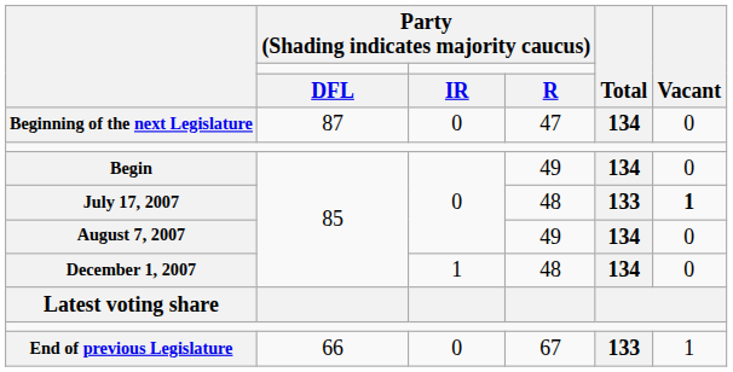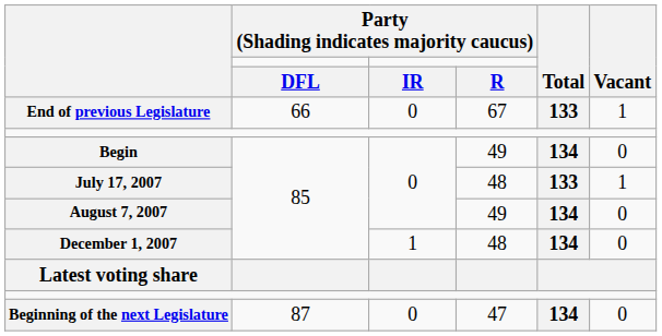 <table class=wikitable style="text-align:center">
 <tr style="vertical-align:bottom;">
 <th rowspan=3></th>
 <th colspan=3>Party <div>(Shading indicates majority caucus)</div></th>
 <th rowspan=3>Total</th>
 <th rowspan=3>Vacant</th>
 </tr>
 <tr style="height:5px">
 <td style="background-color:"></td>
 <td colspan="2" style="background-color:"></td>
 </tr>
 <tr>
 <th><a href='#'>DFL</a></th>
 <th><a href='#'>IR</a></th>
 <th><a href='#'>R</a></th>
 </tr>
 <tr>
-<th style="white-space:nowrap; font-size:80%;">Beginning of the <a href='#'>next Legislature</a></th>
-<td>87</td>
+<th style="white-space:nowrap; font-size:80%;">End of <a href='#'>previous Legislature</a></th>
+<td>66</td>
 <td>0</td>
-<td>47</td>
-<th>134</th>
-<td>0</td>
+<td>67</td>
+<th>133</th>
+<td>1</td>
 </tr>
 <tr>
 <td colspan=6></td>
 </tr>
 <tr>
 <th style="font-size:80%">Begin</th>
 <td rowspan=4 >85</td>
 <td rowspan=3>0</td>
 <td>49</td>
 <th>134</th>
 <td>0</td>
 </tr>
 <tr>
 <th style="font-size:80%">July 17, 2007 </th>
 <td>48</td>
 <th>133</th>
-<td><strong>1</strong></td>
+<td>1</td>
 </tr>
 <tr>
 <th style="font-size:80%">August 7, 2007 </th>
 <td>49</td>
 <th>134</th>
 <td>0</td>
 </tr>
 <tr>
 <th style="font-size:80%">December 1, 2007 </th>
 <td>1</td>
 <td>48</td>
 <th>134</th>
 <td>0</td>
 </tr>
 <tr>
 <th>Latest voting share</th>
 <th></th>
 <th></th>
 <th></th>
 <th colspan=2></th>
 </tr>
 <tr>
 <td colspan=6></td>
 </tr>
 <tr>
-<th style="white-space:nowrap; font-size:80%;">End of <a href='#'>previous Legislature</a></th>
-<td>66</td>
+<th style="white-space:nowrap; font-size:80%;">Beginning of the <a href='#'>next Legislature</a></th>
+<td>87</td>
 <td>0</td>
-<td>67</td>
-<th>133</th>
-<td>1</td>
+<td>47</td>
+<th>134</th>
+<td>0</td>
 </tr>
 </table>
